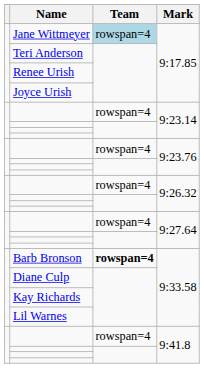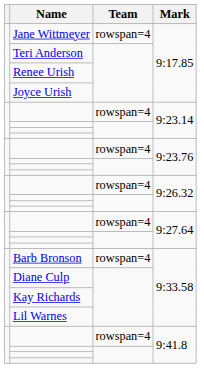 <table class=wikitable>
 <tr>
 <th></th>
 <th>Name</th>
 <th>Team</th>
 <th>Mark</th>
 </tr>
 <tr>
 <td rowspan=4></td>
 <td><a href='#'>Jane Wittmeyer</a></td>
-<td style="background: lightblue;">rowspan=4 </td>
+<td>rowspan=4 </td>
 <td rowspan=4>9:17.85</td>
 </tr>
 <tr>
 <td><a href='#'>Teri Anderson</a></td>
 </tr>
 <tr>
 <td><a href='#'>Renee Urish</a></td>
 </tr>
 <tr>
 <td><a href='#'>Joyce Urish</a></td>
 </tr>
 <tr>
 <td rowspan=4></td>
 <td></td>
 <td>rowspan=4 </td>
 <td rowspan=4>9:23.14</td>
 </tr>
 <tr>
 <td></td>
 </tr>
 <tr>
 <td></td>
 </tr>
 <tr>
 <td></td>
 </tr>
 <tr>
 <td rowspan=4></td>
 <td></td>
 <td>rowspan=4 </td>
 <td rowspan=4>9:23.76</td>
 </tr>
 <tr>
 <td></td>
 </tr>
 <tr>
 <td></td>
 </tr>
 <tr>
 <td></td>
 </tr>
 <tr>
 <td rowspan=4></td>
 <td></td>
 <td>rowspan=4 </td>
 <td rowspan=4>9:26.32</td>
 </tr>
 <tr>
 <td></td>
 </tr>
 <tr>
 <td></td>
 </tr>
 <tr>
 <td></td>
 </tr>
 <tr>
 <td rowspan=4></td>
 <td></td>
 <td>rowspan=4 </td>
 <td rowspan=4>9:27.64</td>
 </tr>
 <tr>
 <td></td>
 </tr>
 <tr>
 <td></td>
 </tr>
 <tr>
 <td></td>
 </tr>
 <tr>
 <td rowspan=4></td>
 <td><a href='#'>Barb Bronson</a></td>
-<td><strong>rowspan=4 </strong></td>
+<td>rowspan=4 </td>
 <td rowspan=4>9:33.58</td>
 </tr>
 <tr>
 <td><a href='#'>Diane Culp</a></td>
 </tr>
 <tr>
 <td><a href='#'>Kay Richards</a></td>
 </tr>
 <tr>
 <td><a href='#'>Lil Warnes</a></td>
 </tr>
 <tr>
 <td rowspan=4></td>
 <td></td>
 <td>rowspan=4 </td>
 <td rowspan=4>9:41.8</td>
 </tr>
 <tr>
 <td></td>
 </tr>
 <tr>
 <td></td>
 </tr>
 <tr>
 <td></td>
 </tr>
 </table>
